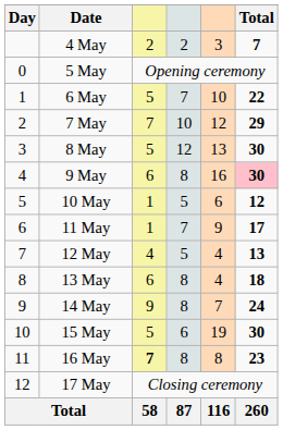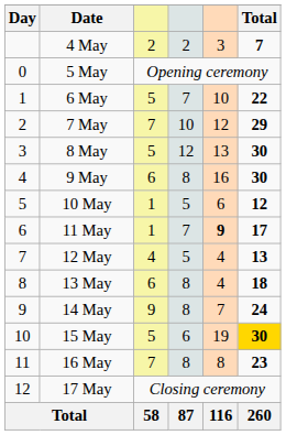 <table class="wikitable" style="font-size:110%; text-align:center;">
 <tr style="background:#efefef;">
 </tr>
 <tr>
 <th width=30><strong>Day</strong></th>
 <th width=95><strong>Date</strong></th>
 <th width=30 style="background:#F7F6A8;"></th>
 <th width=30 style="background:#DCE5E5;"></th>
 <th width=30 style="background:#FFDAB9;"></th>
 <th width=30><strong>Total</strong></th>
 </tr>
 <tr>
 <td></td>
 <td>4 May</td>
 <td style="background:#F7F6A8;">2</td>
 <td style="background:#DCE5E5;">2</td>
 <td style="background:#FFDAB9;">3</td>
 <td><strong>7</strong></td>
 </tr>
 <tr>
 <td>0</td>
 <td>5 May</td>
 <td colspan="4" style="text-align:left center ;"> <em>Opening ceremony</em></td>
 </tr>
 <tr>
 <td>1</td>
 <td>6 May</td>
 <td style="background:#F7F6A8;">5</td>
 <td style="background:#DCE5E5;">7</td>
 <td style="background:#FFDAB9;">10</td>
 <td><strong>22</strong></td>
 </tr>
 <tr>
 <td>2</td>
 <td>7 May</td>
 <td style="background:#F7F6A8;">7</td>
 <td style="background:#DCE5E5;">10</td>
 <td style="background:#FFDAB9;">12</td>
 <td><strong>29</strong></td>
 </tr>
 <tr>
 <td>3</td>
 <td>8 May</td>
 <td style="background:#F7F6A8;">5</td>
 <td style="background:#DCE5E5;">12</td>
 <td style="background:#FFDAB9;">13</td>
 <td><strong>30</strong></td>
 </tr>
 <tr>
 <td>4</td>
 <td>9 May</td>
 <td style="background:#F7F6A8;">6</td>
 <td style="background:#DCE5E5;">8</td>
 <td style="background:#FFDAB9;">16</td>
-<td style="background: pink;"><strong>30</strong></td>
+<td><strong>30</strong></td>
 </tr>
 <tr>
 <td>5</td>
 <td>10 May</td>
 <td style="background:#F7F6A8;">1</td>
 <td style="background:#DCE5E5;">5</td>
 <td style="background:#FFDAB9;">6</td>
 <td><strong>12</strong></td>
 </tr>
 <tr>
 <td>6</td>
 <td>11 May</td>
 <td style="background:#F7F6A8;">1</td>
 <td style="background:#DCE5E5;">7</td>
-<td style="background:#FFDAB9;">9</td>
+<td style="background:#FFDAB9;"><strong>9</strong></td>
 <td><strong>17</strong></td>
 </tr>
 <tr>
 <td>7</td>
 <td>12 May</td>
 <td style="background:#F7F6A8;">4</td>
 <td style="background:#DCE5E5;">5</td>
 <td style="background:#FFDAB9;">4</td>
 <td><strong>13</strong></td>
 </tr>
 <tr>
 <td>8</td>
 <td>13 May</td>
 <td style="background:#F7F6A8;">6</td>
 <td style="background:#DCE5E5;">8</td>
 <td style="background:#FFDAB9;">4</td>
 <td><strong>18</strong></td>
 </tr>
 <tr>
 <td>9</td>
 <td>14 May</td>
 <td style="background:#F7F6A8;">9</td>
 <td style="background:#DCE5E5;">8</td>
 <td style="background:#FFDAB9;">7</td>
 <td><strong>24</strong></td>
 </tr>
 <tr>
 <td>10</td>
 <td>15 May</td>
 <td style="background:#F7F6A8;">5</td>
 <td style="background:#DCE5E5;">6</td>
 <td style="background:#FFDAB9;">19</td>
-<td><strong>30</strong></td>
+<td style="background: gold;"><strong>30</strong></td>
 </tr>
 <tr>
 <td>11</td>
 <td>16 May</td>
-<td style="background:#F7F6A8;"><strong>7</strong></td>
+<td style="background:#F7F6A8;">7</td>
 <td style="background:#DCE5E5;">8</td>
 <td style="background:#FFDAB9;">8</td>
 <td><strong>23</strong></td>
 </tr>
 <tr>
 <td>12</td>
 <td>17 May</td>
 <td colspan="4" style="text-align:left center ;"> <em>Closing ceremony</em></td>
 </tr>
 <tr>
 <th colspan="2">Total</th>
 <th>58</th>
 <th>87</th>
 <th>116</th>
 <th>260</th>
 </tr>
 </table>
